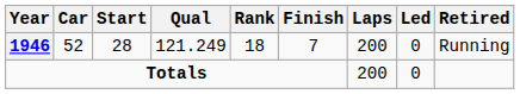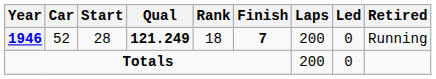 <table class="wikitable" style="text-align:center">
 <tr>
 <th>Year</th>
 <th>Car</th>
 <th>Start</th>
 <th>Qual</th>
 <th>Rank</th>
 <th>Finish</th>
 <th>Laps</th>
 <th>Led</th>
 <th>Retired</th>
 </tr>
 <tr>
 <th><a href='#'>1946</a></th>
 <td>52</td>
 <td>28</td>
-<td>121.249</td>
+<td><strong>121.249</strong></td>
 <td>18</td>
-<td>7</td>
+<td><strong>7</strong></td>
 <td>200</td>
 <td>0</td>
 <td>Running</td>
 </tr>
 <tr>
 <td colspan=6><strong>Totals</strong></td>
 <td>200</td>
 <td>0</td>
 <td></td>
 </tr>
 </table>
